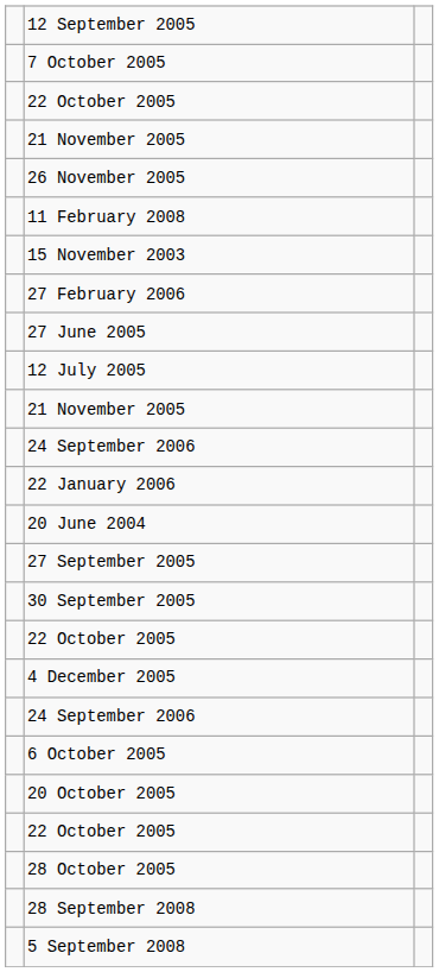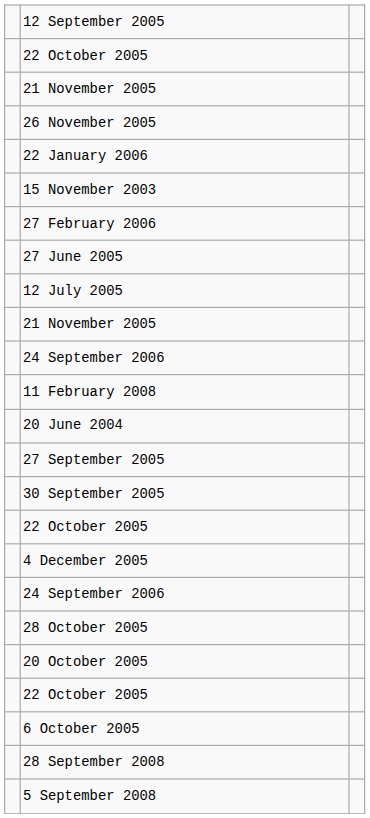 <table class="wikitable" style="font-size: 89%; float: left; width: 26em; margin-right: 1em; line-height: 1.65em !important; height: 675px;">
 <tr>
 <td></td>
 <td>12 September 2005</td>
-<td></td>
-</tr>
-<tr>
-<td></td>
-<td>7 October 2005</td>
 <td></td>
 </tr>
 <tr>
 <td></td>
 <td>22 October 2005</td>
 <td></td>
 </tr>
 <tr>
 <td></td>
 <td>21 November 2005</td>
 <td></td>
 </tr>
 <tr>
 <td></td>
 <td>26 November 2005</td>
 <td></td>
 </tr>
 <tr>
 <td></td>
-<td>11 February 2008</td>
+<td>22 January 2006</td>
 <td></td>
 </tr>
 <tr>
 <td></td>
 <td>15 November 2003</td>
 <td></td>
 </tr>
 <tr>
 <td></td>
 <td>27 February 2006</td>
 <td></td>
 </tr>
 <tr>
 <td></td>
 <td>27 June 2005</td>
 <td></td>
 </tr>
 <tr>
 <td></td>
 <td>12 July 2005</td>
 <td></td>
 </tr>
 <tr>
 <td></td>
 <td>21 November 2005</td>
 <td></td>
 </tr>
 <tr>
 <td></td>
 <td>24 September 2006</td>
 <td></td>
 </tr>
 <tr>
 <td></td>
-<td>22 January 2006</td>
+<td>11 February 2008</td>
 <td></td>
 </tr>
 <tr>
 <td></td>
 <td>20 June 2004</td>
 <td></td>
 </tr>
 <tr>
 <td></td>
 <td>27 September 2005</td>
 <td></td>
 </tr>
 <tr>
 <td></td>
 <td>30 September 2005</td>
 <td></td>
 </tr>
 <tr>
 <td></td>
 <td>22 October 2005</td>
 <td></td>
 </tr>
 <tr>
 <td></td>
 <td>4 December 2005</td>
 <td></td>
 </tr>
 <tr>
 <td></td>
 <td>24 September 2006</td>
 <td></td>
 </tr>
 <tr>
 <td></td>
-<td>6 October 2005</td>
+<td>28 October 2005</td>
 <td></td>
 </tr>
 <tr>
 <td></td>
 <td>20 October 2005</td>
 <td></td>
 </tr>
 <tr>
 <td></td>
 <td>22 October 2005</td>
 <td></td>
 </tr>
 <tr>
 <td></td>
-<td>28 October 2005</td>
+<td>6 October 2005</td>
 <td></td>
 </tr>
 <tr>
 <td></td>
 <td>28 September 2008</td>
 <td></td>
 </tr>
 <tr>
 <td></td>
 <td>5 September 2008</td>
 <td></td>
 </tr>
 </table>
